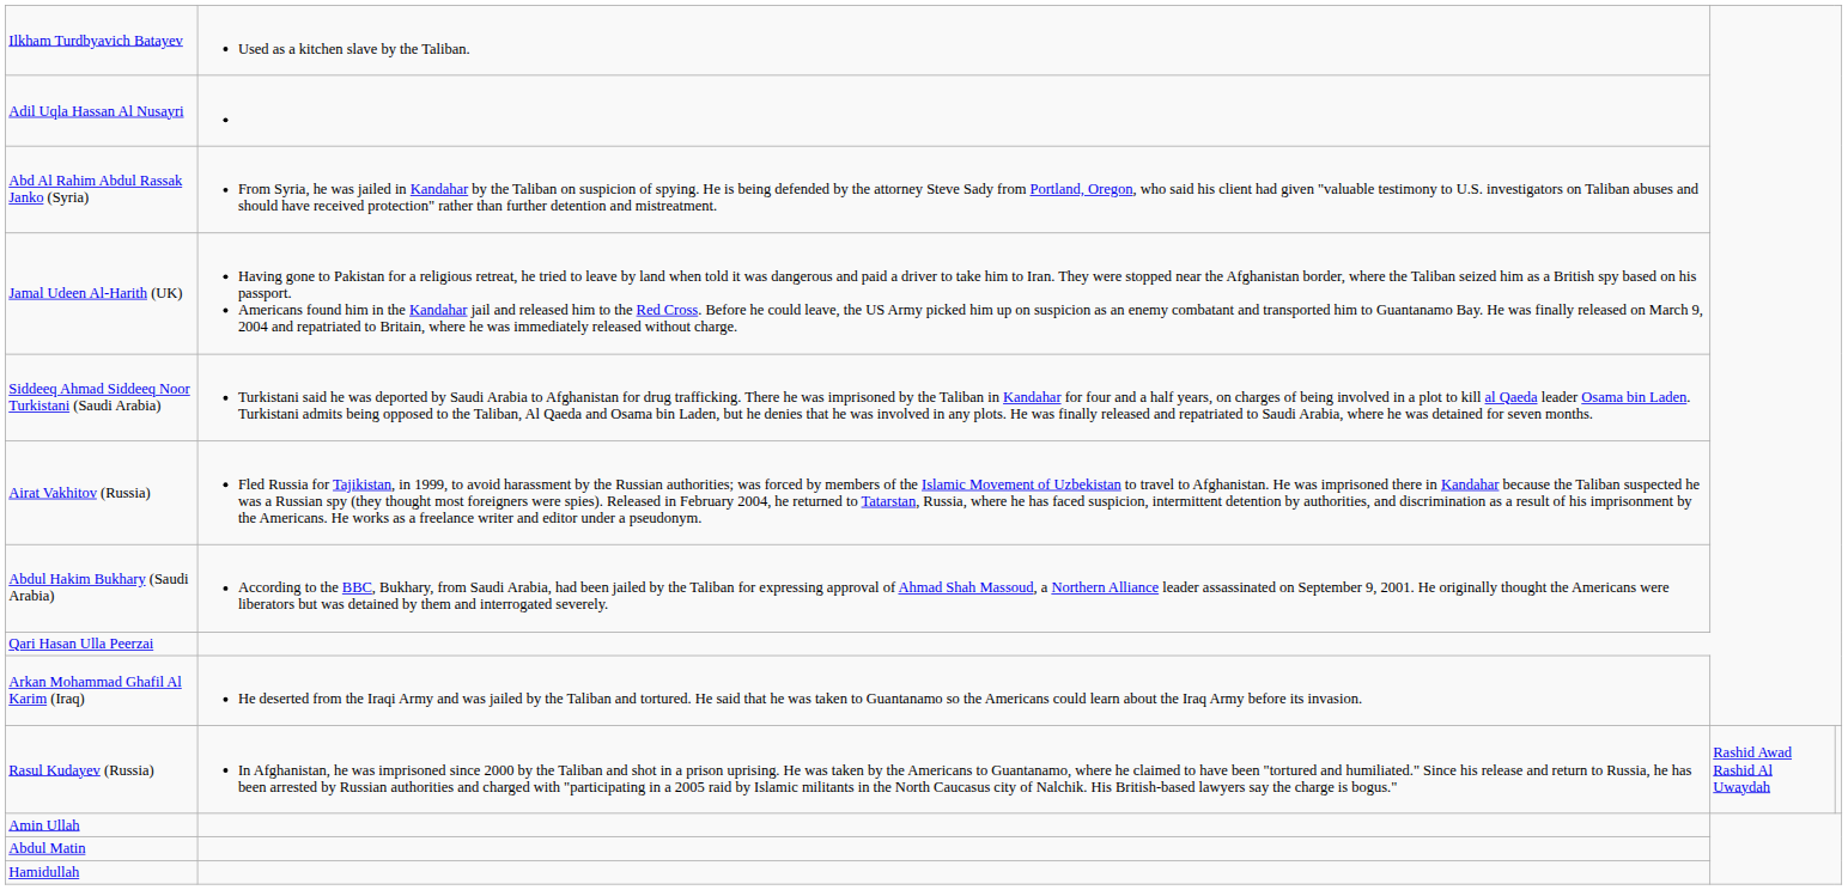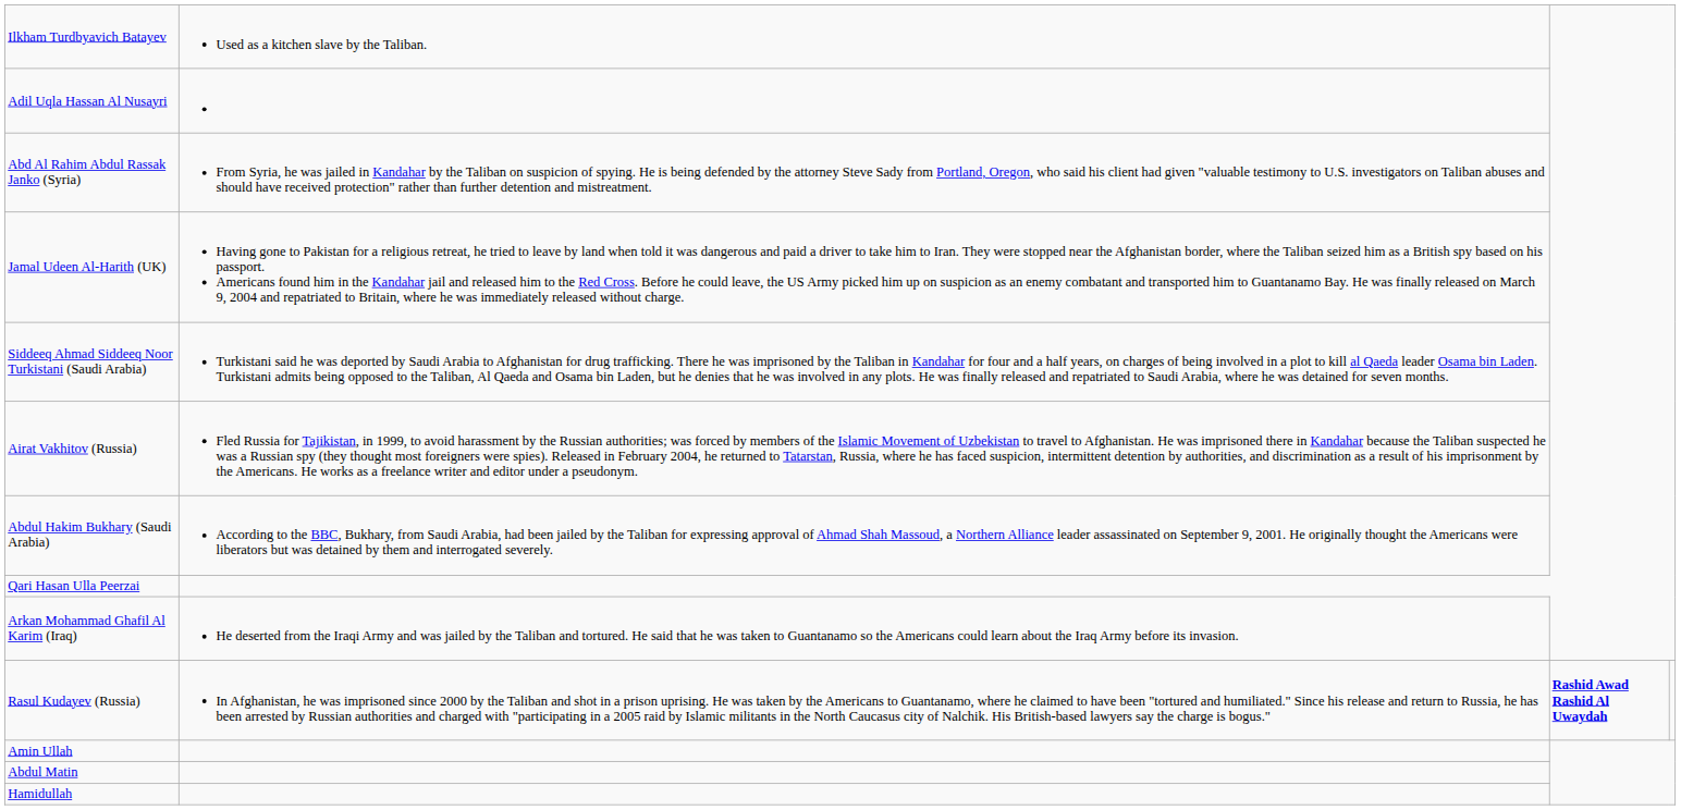 <table class="wikitable">
 <tr>
 <td><a href='#'>Ilkham Turdbyavich Batayev</a></td>
 <td><br><ul><li>Used as a kitchen slave by the Taliban.</li></ul></td>
 </tr>
 <tr>
 <td><a href='#'>Adil Uqla Hassan Al Nusayri</a></td>
 <td><br><ul><li></li></ul></td>
 </tr>
 <tr>
 <td><a href='#'>Abd Al Rahim Abdul Rassak Janko</a> (Syria)</td>
 <td><br><ul><li>From Syria, he was jailed in <a href='#'>Kandahar</a> by the Taliban on suspicion of spying. He is being defended by the attorney Steve Sady from <a href='#'>Portland, Oregon</a>, who said his client had given "valuable testimony to U.S. investigators on Taliban abuses and should have received protection" rather than further detention and mistreatment.</li></ul></td>
 </tr>
 <tr>
 <td><a href='#'>Jamal Udeen Al-Harith</a> (UK)</td>
 <td><br><ul><li>Having gone to Pakistan for a religious retreat, he tried to leave by land when told it was dangerous and paid a driver to take him to Iran. They were stopped near the Afghanistan border, where the Taliban seized him as a British spy based on his passport.</li><li>Americans found him in the <a href='#'>Kandahar</a> jail and released him to the <a href='#'>Red Cross</a>. Before he could leave, the US Army picked him up on suspicion as an enemy combatant and transported him to Guantanamo Bay. He was finally released on March 9, 2004 and repatriated to Britain, where he was immediately released without charge.</li></ul></td>
 </tr>
 <tr>
 <td><a href='#'>Siddeeq Ahmad Siddeeq Noor Turkistani</a> (Saudi Arabia)</td>
 <td><br><ul><li>Turkistani said he was deported by Saudi Arabia to Afghanistan for drug trafficking. There he was imprisoned by the Taliban in <a href='#'>Kandahar</a> for four and a half years, on charges of being  involved in a plot to kill <a href='#'>al Qaeda</a> leader <a href='#'>Osama bin Laden</a>. Turkistani admits being opposed to the Taliban, Al Qaeda and Osama bin Laden, but he denies that he was involved in any plots. He was finally released and repatriated to Saudi Arabia, where he was detained for seven months.</li></ul></td>
 </tr>
 <tr>
 <td><a href='#'>Airat Vakhitov</a> (Russia)</td>
 <td><br><ul><li>Fled Russia for <a href='#'>Tajikistan</a>, in 1999, to avoid harassment by the Russian authorities; was forced by members of the <a href='#'>Islamic Movement of Uzbekistan</a> to travel to Afghanistan. He was imprisoned there in <a href='#'>Kandahar</a> because the Taliban suspected he was a Russian spy (they thought most foreigners were spies). Released in February 2004, he returned to <a href='#'>Tatarstan</a>, Russia, where he has faced suspicion, intermittent detention by authorities, and discrimination as a result of his imprisonment by the Americans. He works as a freelance writer and editor under a pseudonym.</li></ul></td>
 </tr>
 <tr>
 <td><a href='#'>Abdul Hakim Bukhary</a> (Saudi Arabia)</td>
 <td><br><ul><li>According to the <a href='#'>BBC</a>, Bukhary, from Saudi Arabia, had been jailed by the Taliban for expressing approval of <a href='#'>Ahmad Shah Massoud</a>, a <a href='#'>Northern Alliance</a> leader assassinated on September 9, 2001. He originally thought the Americans were liberators but was detained by them and interrogated severely.</li></ul></td>
 </tr>
 <tr>
 <td><a href='#'>Qari Hasan Ulla Peerzai</a></td>
 </tr>
 <tr>
 <td><a href='#'>Arkan Mohammad Ghafil Al Karim</a> (Iraq)</td>
 <td><br><ul><li>He deserted from the Iraqi Army and was jailed by the Taliban and tortured. He said that he was taken to Guantanamo so the Americans could learn about the Iraq Army before its invasion.</li></ul></td>
 </tr>
 <tr>
 <td><a href='#'>Rasul Kudayev</a> (Russia)</td>
 <td><br><ul><li>In Afghanistan, he was imprisoned since 2000 by the Taliban and shot in a prison uprising. He was taken by the Americans to Guantanamo, where he claimed to have been "tortured and humiliated."  Since his release and return to Russia, he has been arrested by Russian authorities and charged with "participating in a 2005 raid by Islamic militants in the North Caucasus city of Nalchik. His British-based lawyers say the charge is bogus."</li></ul></td>
-<td><a href='#'>Rashid Awad Rashid Al Uwaydah</a></td>
+<td><strong><a href='#'>Rashid Awad Rashid Al Uwaydah</a></strong></td>
 <td><br></td>
 </tr>
 <tr>
 <td><a href='#'>Amin Ullah</a></td>
 <td><br></td>
 </tr>
 <tr>
 <td><a href='#'>Abdul Matin</a></td>
 <td><br></td>
 </tr>
 <tr>
 <td><a href='#'>Hamidullah</a></td>
 <td></td>
 </tr>
 </table>
